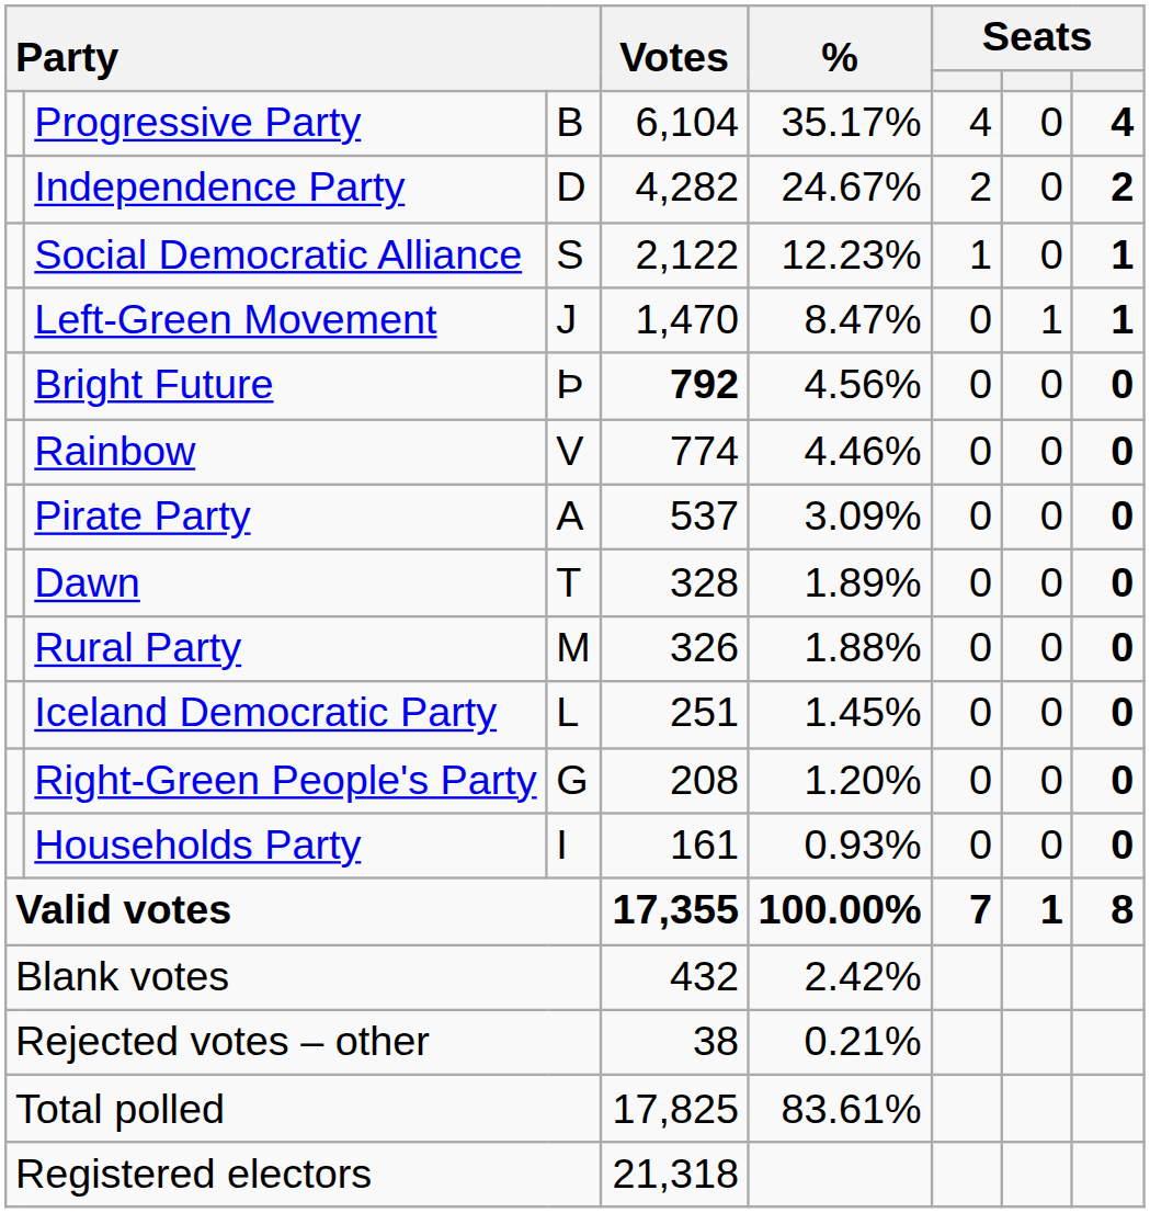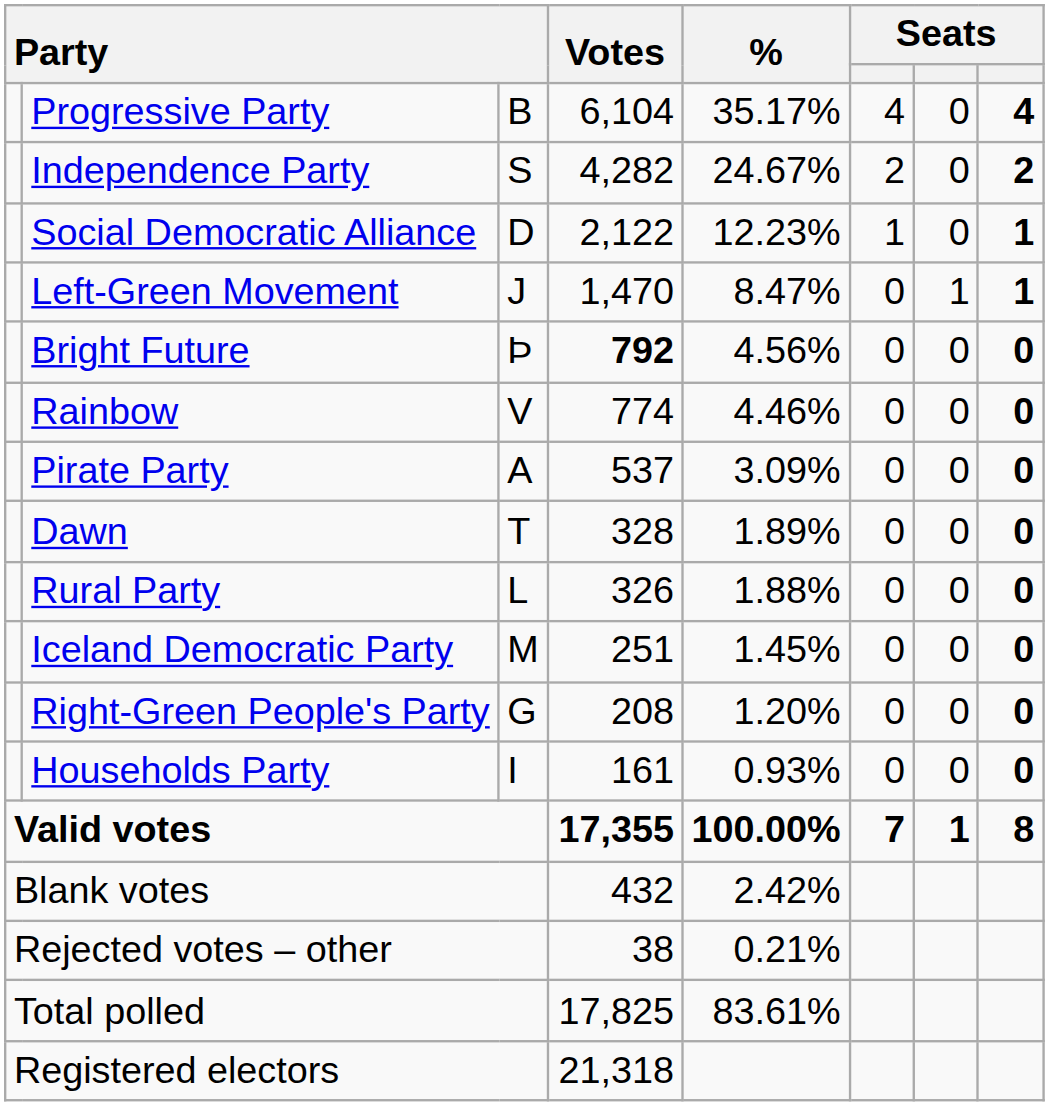 <table class="wikitable" border="1" style="text-align:right;">
 <tr>
 <th style="text-align:left;" valign=bottom rowspan=2 colspan=3>Party</th>
 <th align=center valign=bottom rowspan=2 width="50">Votes</th>
 <th align=center valign=bottom rowspan=2 width="50">%</th>
 <th colspan=3>Seats</th>
 </tr>
 <tr>
 <th align=center valign=bottom width="20"><small></small></th>
 <th align=center valign=bottom width="20"><small><a href='#'></a></small></th>
 <th align=center valign=bottom width="20"><small></small></th>
 </tr>
 <tr>
 <td></td>
 <td align=left><a href='#'>Progressive Party</a></td>
 <td align=left>B</td>
 <td>6,104</td>
 <td>35.17%</td>
 <td>4</td>
 <td>0</td>
 <td><strong>4</strong></td>
 </tr>
 <tr>
 <td></td>
 <td align=left><a href='#'>Independence Party</a></td>
-<td align=left>D</td>
+<td align=left>S</td>
 <td>4,282</td>
 <td>24.67%</td>
 <td>2</td>
 <td>0</td>
 <td><strong>2</strong></td>
 </tr>
 <tr>
 <td></td>
 <td align=left style="white-space: nowrap;"><a href='#'>Social Democratic Alliance</a></td>
-<td align=left>S</td>
+<td align=left>D</td>
 <td>2,122</td>
 <td>12.23%</td>
 <td>1</td>
 <td>0</td>
 <td><strong>1</strong></td>
 </tr>
 <tr>
 <td></td>
 <td align=left><a href='#'>Left-Green Movement</a></td>
 <td align=left>J</td>
 <td>1,470</td>
 <td>8.47%</td>
 <td>0</td>
 <td>1</td>
 <td><strong>1</strong></td>
 </tr>
 <tr>
 <td></td>
 <td align=left><a href='#'>Bright Future</a></td>
 <td align=left>Þ</td>
 <td><strong>792</strong></td>
 <td>4.56%</td>
 <td>0</td>
 <td>0</td>
 <td><strong>0</strong></td>
 </tr>
 <tr>
 <td></td>
 <td align=left><a href='#'>Rainbow</a></td>
 <td align=left>V</td>
 <td>774</td>
 <td>4.46%</td>
 <td>0</td>
 <td>0</td>
 <td><strong>0</strong></td>
 </tr>
 <tr>
 <td></td>
 <td align=left><a href='#'>Pirate Party</a></td>
 <td align=left>A</td>
 <td>537</td>
 <td>3.09%</td>
 <td>0</td>
 <td>0</td>
 <td><strong>0</strong></td>
 </tr>
 <tr>
 <td></td>
 <td align=left><a href='#'>Dawn</a></td>
 <td align=left>T</td>
 <td>328</td>
 <td>1.89%</td>
 <td>0</td>
 <td>0</td>
 <td><strong>0</strong></td>
 </tr>
 <tr>
 <td></td>
 <td align=left><a href='#'>Rural Party</a></td>
-<td align=left>M</td>
+<td align=left>L</td>
 <td>326</td>
 <td>1.88%</td>
 <td>0</td>
 <td>0</td>
 <td><strong>0</strong></td>
 </tr>
 <tr>
 <td></td>
 <td align=left><a href='#'>Iceland Democratic Party</a></td>
-<td align=left>L</td>
+<td align=left>M</td>
 <td>251</td>
 <td>1.45%</td>
 <td>0</td>
 <td>0</td>
 <td><strong>0</strong></td>
 </tr>
 <tr>
 <td></td>
 <td align=left><a href='#'>Right-Green People's Party</a></td>
 <td align=left>G</td>
 <td>208</td>
 <td>1.20%</td>
 <td>0</td>
 <td>0</td>
 <td><strong>0</strong></td>
 </tr>
 <tr>
 <td></td>
 <td align=left><a href='#'>Households Party</a></td>
 <td align=left>I</td>
 <td>161</td>
 <td>0.93%</td>
 <td>0</td>
 <td>0</td>
 <td><strong>0</strong></td>
 </tr>
 <tr style="font-weight:bold">
 <td align=left colspan=3>Valid votes</td>
 <td>17,355</td>
 <td>100.00%</td>
 <td>7</td>
 <td>1</td>
 <td>8</td>
 </tr>
 <tr>
 <td align=left colspan=3>Blank votes</td>
 <td>432</td>
 <td>2.42%</td>
 <td></td>
 <td></td>
 <td></td>
 </tr>
 <tr>
 <td align=left colspan=3>Rejected votes – other</td>
 <td>38</td>
 <td>0.21%</td>
 <td></td>
 <td></td>
 <td></td>
 </tr>
 <tr>
 <td align=left colspan=3>Total polled</td>
 <td>17,825</td>
 <td>83.61%</td>
 <td></td>
 <td></td>
 <td></td>
 </tr>
 <tr>
 <td align=left colspan=3>Registered electors</td>
 <td>21,318</td>
 <td></td>
 <td></td>
 <td></td>
 <td></td>
 </tr>
 </table>
